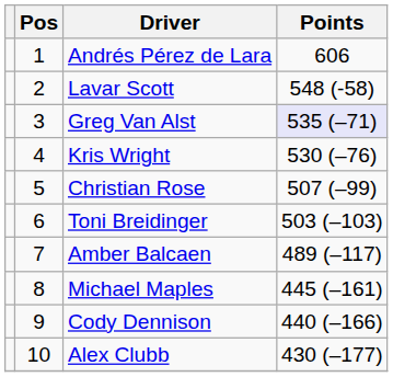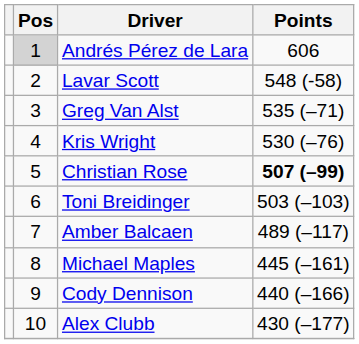 <table class="wikitable" style="font-size: 95%;">
 <tr>
 <th></th>
 <th>Pos</th>
 <th>Driver</th>
 <th>Points</th>
 </tr>
 <tr>
 <td align="left"></td>
-<td style="text-align:center;">1</td>
+<td style="background: lightgrey; text-align:center;">1</td>
 <td><a href='#'>Andrés Pérez de Lara</a></td>
 <td style="text-align:center;">606</td>
 </tr>
 <tr>
 <td align="left"></td>
 <td style="text-align:center;">2</td>
 <td><a href='#'>Lavar Scott</a></td>
 <td style="text-align:center;">548 (-58)</td>
 </tr>
 <tr>
 <td align="left"></td>
 <td style="text-align:center;">3</td>
 <td><a href='#'>Greg Van Alst</a></td>
-<td style="background: lavender; text-align:center;">535 (–71)</td>
+<td style="text-align:center;">535 (–71)</td>
 </tr>
 <tr>
 <td align="left"></td>
 <td style="text-align:center;">4</td>
 <td><a href='#'>Kris Wright</a></td>
 <td style="text-align:center;">530 (–76)</td>
 </tr>
 <tr>
 <td align="left"></td>
 <td style="text-align:center;">5</td>
 <td><a href='#'>Christian Rose</a></td>
-<td style="text-align:center;">507 (–99)</td>
+<td style="text-align:center;"><strong>507 (–99)</strong></td>
 </tr>
 <tr>
 <td align="left"></td>
 <td style="text-align:center;">6</td>
 <td><a href='#'>Toni Breidinger</a></td>
 <td style="text-align:center;">503 (–103)</td>
 </tr>
 <tr>
 <td align="left"></td>
 <td style="text-align:center;">7</td>
 <td><a href='#'>Amber Balcaen</a></td>
 <td style="text-align:center;">489 (–117)</td>
 </tr>
 <tr>
 <td align="left"></td>
 <td style="text-align:center;">8</td>
 <td><a href='#'>Michael Maples</a></td>
 <td style="text-align:center;">445 (–161)</td>
 </tr>
 <tr>
 <td align="left"></td>
 <td style="text-align:center;">9</td>
 <td><a href='#'>Cody Dennison</a></td>
 <td style="text-align:center;">440 (–166)</td>
 </tr>
 <tr>
 <td align="left"></td>
 <td style="text-align:center;">10</td>
 <td><a href='#'>Alex Clubb</a></td>
 <td style="text-align:center;">430 (–177)</td>
 </tr>
 <tr class="sortbottom">
 </tr>
 </table>
